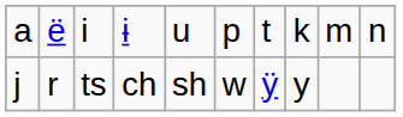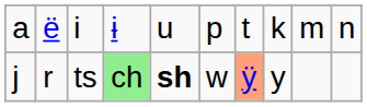 <table class="wikitable">
 <tr>
 <td>a</td>
 <td><a href='#'>ë</a></td>
 <td>i</td>
 <td><a href='#'>ɨ</a></td>
 <td>u</td>
 <td>p</td>
 <td>t</td>
 <td>k</td>
 <td>m</td>
 <td>n</td>
 </tr>
 <tr>
 <td>j</td>
 <td>r</td>
 <td>ts</td>
-<td>ch</td>
-<td>sh</td>
+<td style="background: lightgreen;">ch</td>
+<td><strong>sh</strong></td>
 <td>w</td>
-<td><a href='#'>ÿ</a></td>
+<td style="background: lightsalmon;"><a href='#'>ÿ</a></td>
 <td>y</td>
 <td></td>
 <td></td>
 </tr>
 </table>
